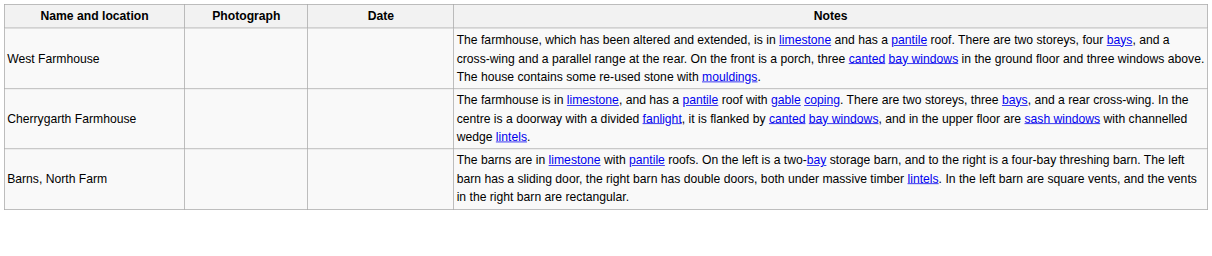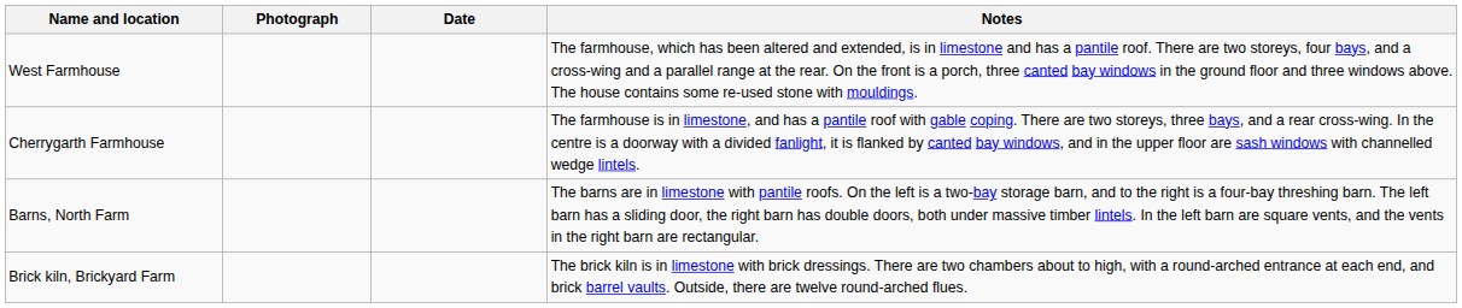 <table class="wikitable sortable plainrowheaders" style="width:100%;border:0px;text-align:left;line-height:150%;">
 <tr>
 <th scope="col"  style="width:150px">Name and location</th>
 <th scope="col"  style="width:100px" class="unsortable">Photograph</th>
 <th scope="col"  style="width:120px">Date</th>
 <th scope="col"  style="width:650px" class="unsortable">Notes</th>
 </tr>
 <tr>
 <td>West Farmhouse<br><small></small></td>
 <td></td>
 <td align="center"></td>
 <td>The farmhouse, which has been altered and extended, is in <a href='#'>limestone</a> and has a <a href='#'>pantile</a> roof. There are two storeys, four <a href='#'>bays</a>, and a cross-wing and a parallel range at the rear.  On the front is a porch, three <a href='#'>canted</a> <a href='#'>bay windows</a> in the ground floor and three windows above.  The house contains some re-used stone with <a href='#'>mouldings</a>.</td>
 </tr>
 <tr>
 <td>Cherrygarth Farmhouse<br><small></small></td>
 <td></td>
 <td align="center"></td>
 <td>The farmhouse is in <a href='#'>limestone</a>, and has a <a href='#'>pantile</a> roof with <a href='#'>gable</a> <a href='#'>coping</a>.  There are two storeys, three <a href='#'>bays</a>, and a rear cross-wing.  In the centre is a doorway with a divided <a href='#'>fanlight</a>, it is flanked by <a href='#'>canted</a> <a href='#'>bay windows</a>, and in the upper floor are <a href='#'>sash windows</a> with channelled wedge <a href='#'>lintels</a>.</td>
 </tr>
 <tr>
 <td>Barns, North Farm<br><small></small></td>
 <td></td>
 <td align="center"></td>
 <td>The barns are in <a href='#'>limestone</a> with <a href='#'>pantile</a> roofs.  On the left is a two-<a href='#'>bay</a> storage barn, and to the right is a four-bay threshing barn.  The left barn has a sliding door, the right barn has double doors, both under massive timber <a href='#'>lintels</a>.  In the left barn are square vents, and the vents in the right barn are rectangular.</td>
 </tr>
 <tr>
+<td>Brick kiln, Brickyard Farm<br><small></small></td>
+<td></td>
+<td align="center"></td>
+<td>The brick kiln is in <a href='#'>limestone</a> with brick dressings.  There are two chambers about  to  high, with a round-arched entrance at each end, and brick <a href='#'>barrel vaults</a>.  Outside, there are twelve round-arched flues.</td>
+</tr>
+<tr>
 </tr>
 </table>
